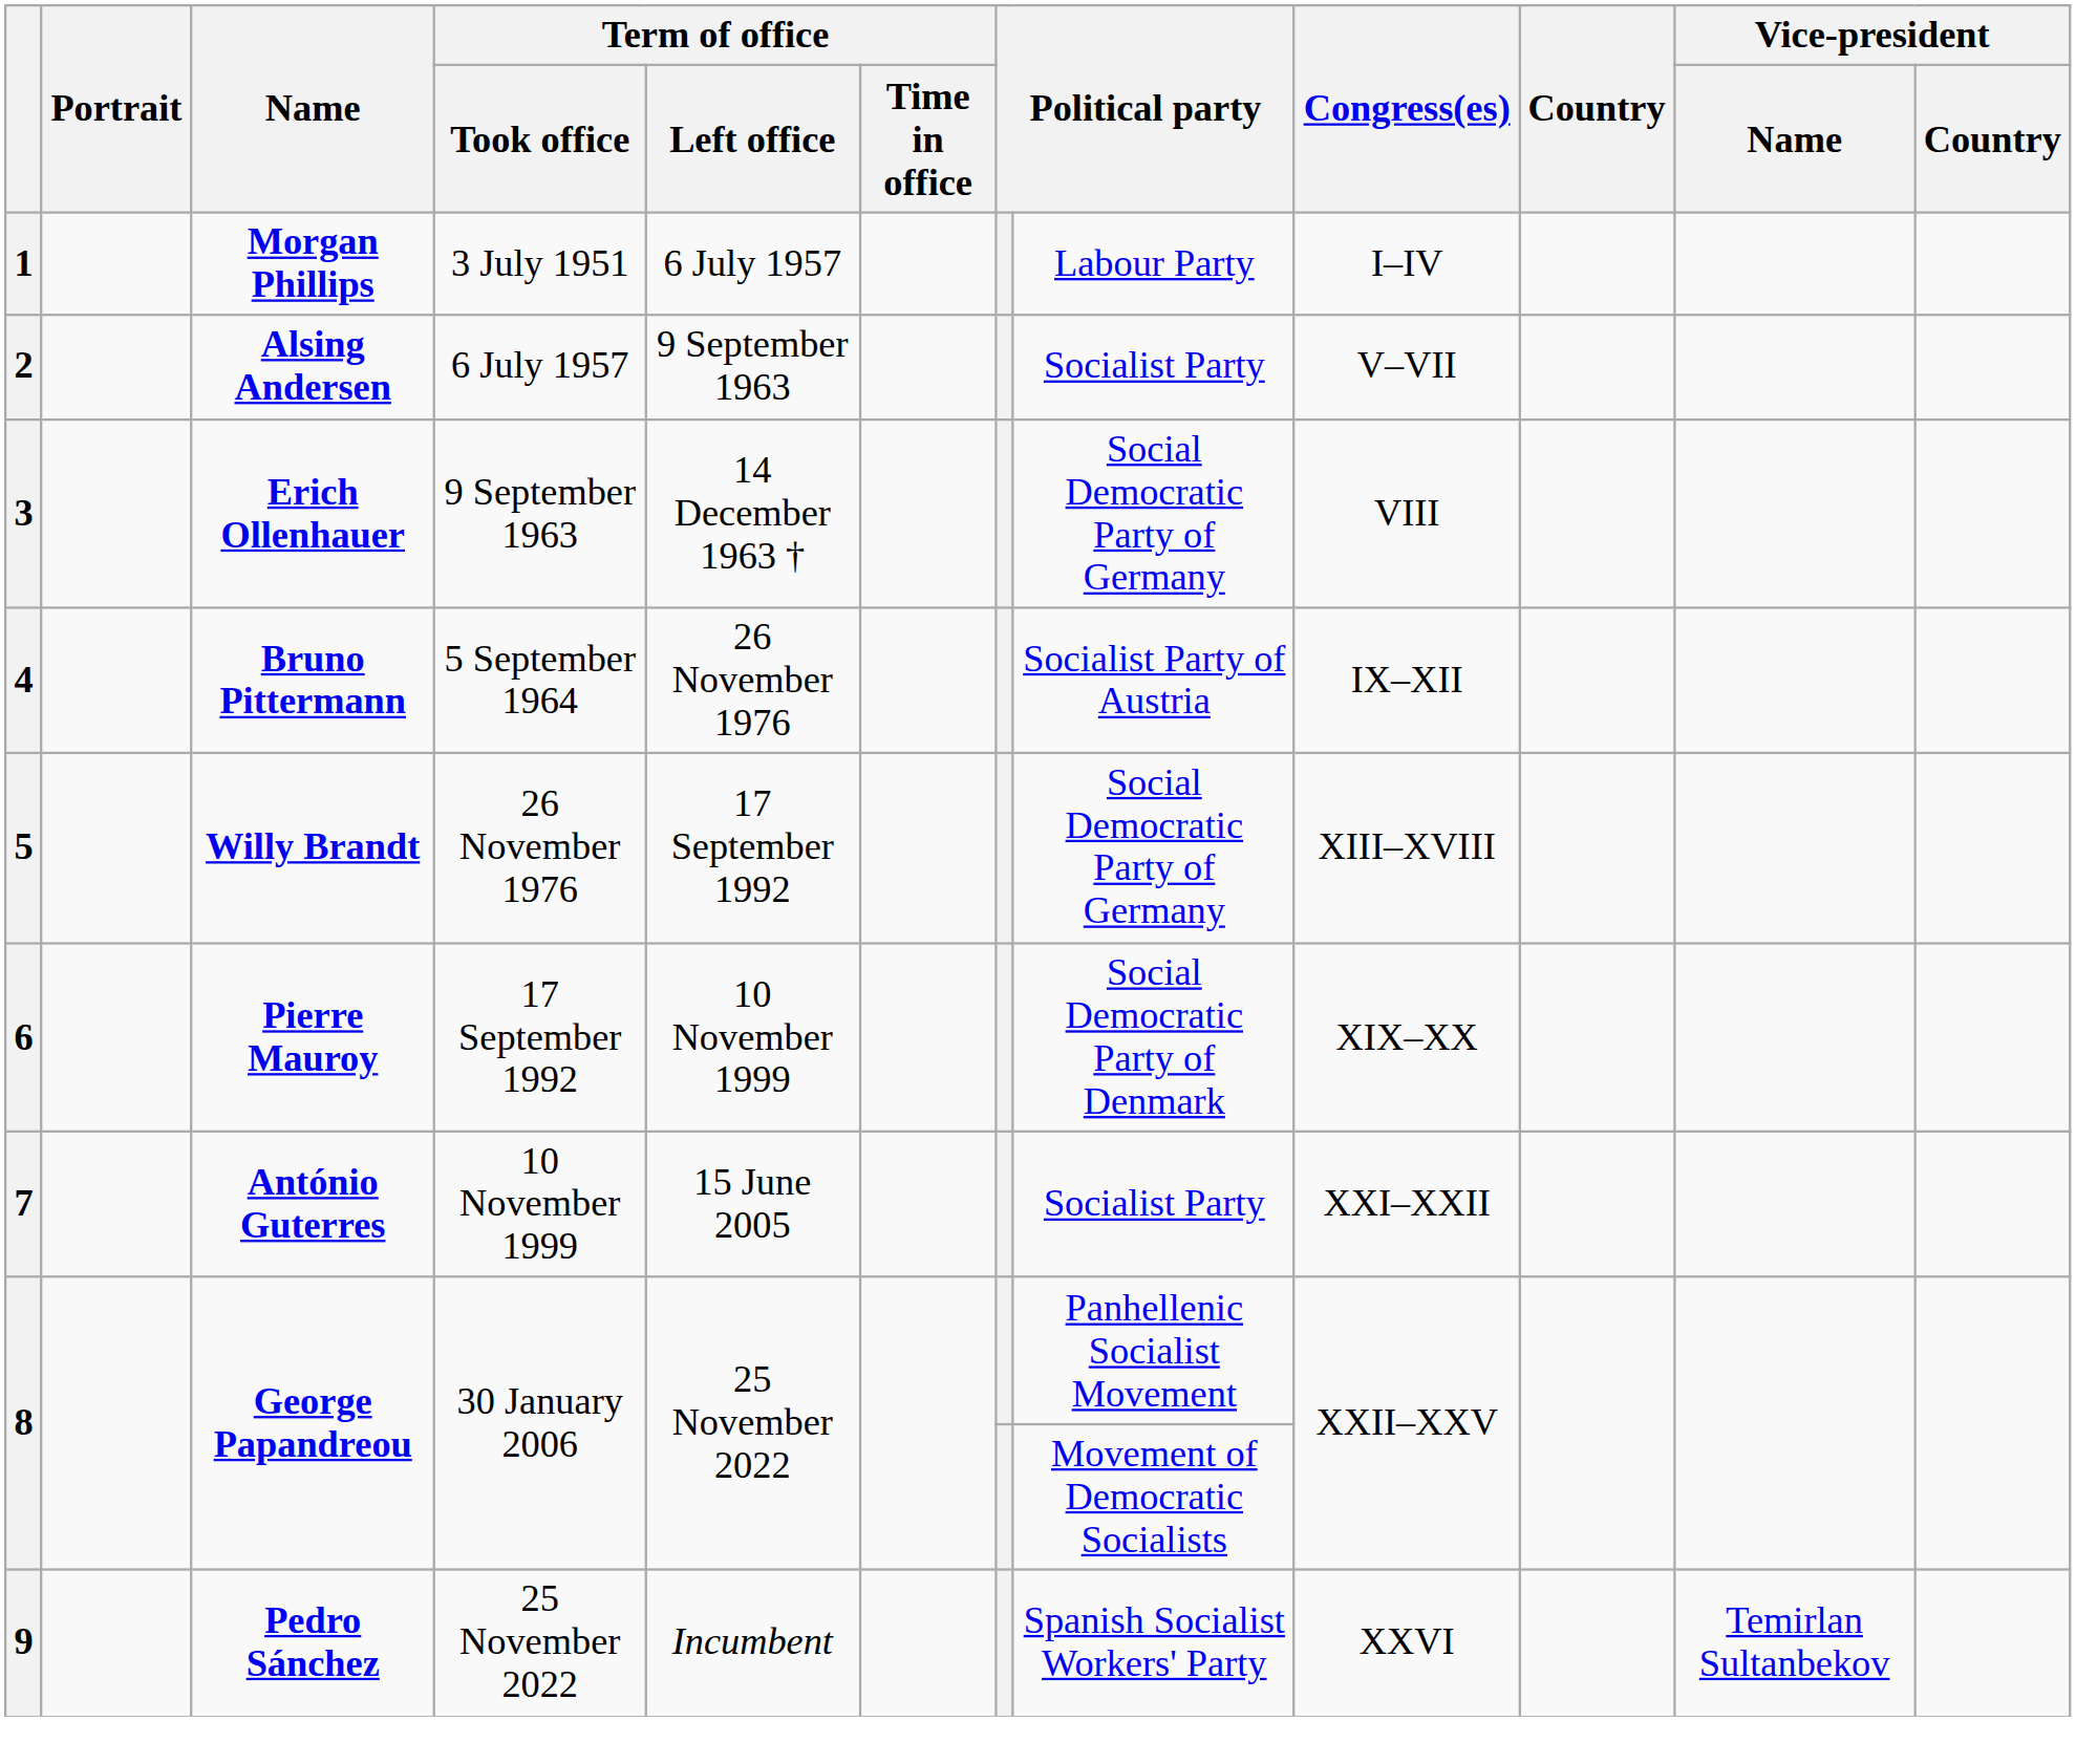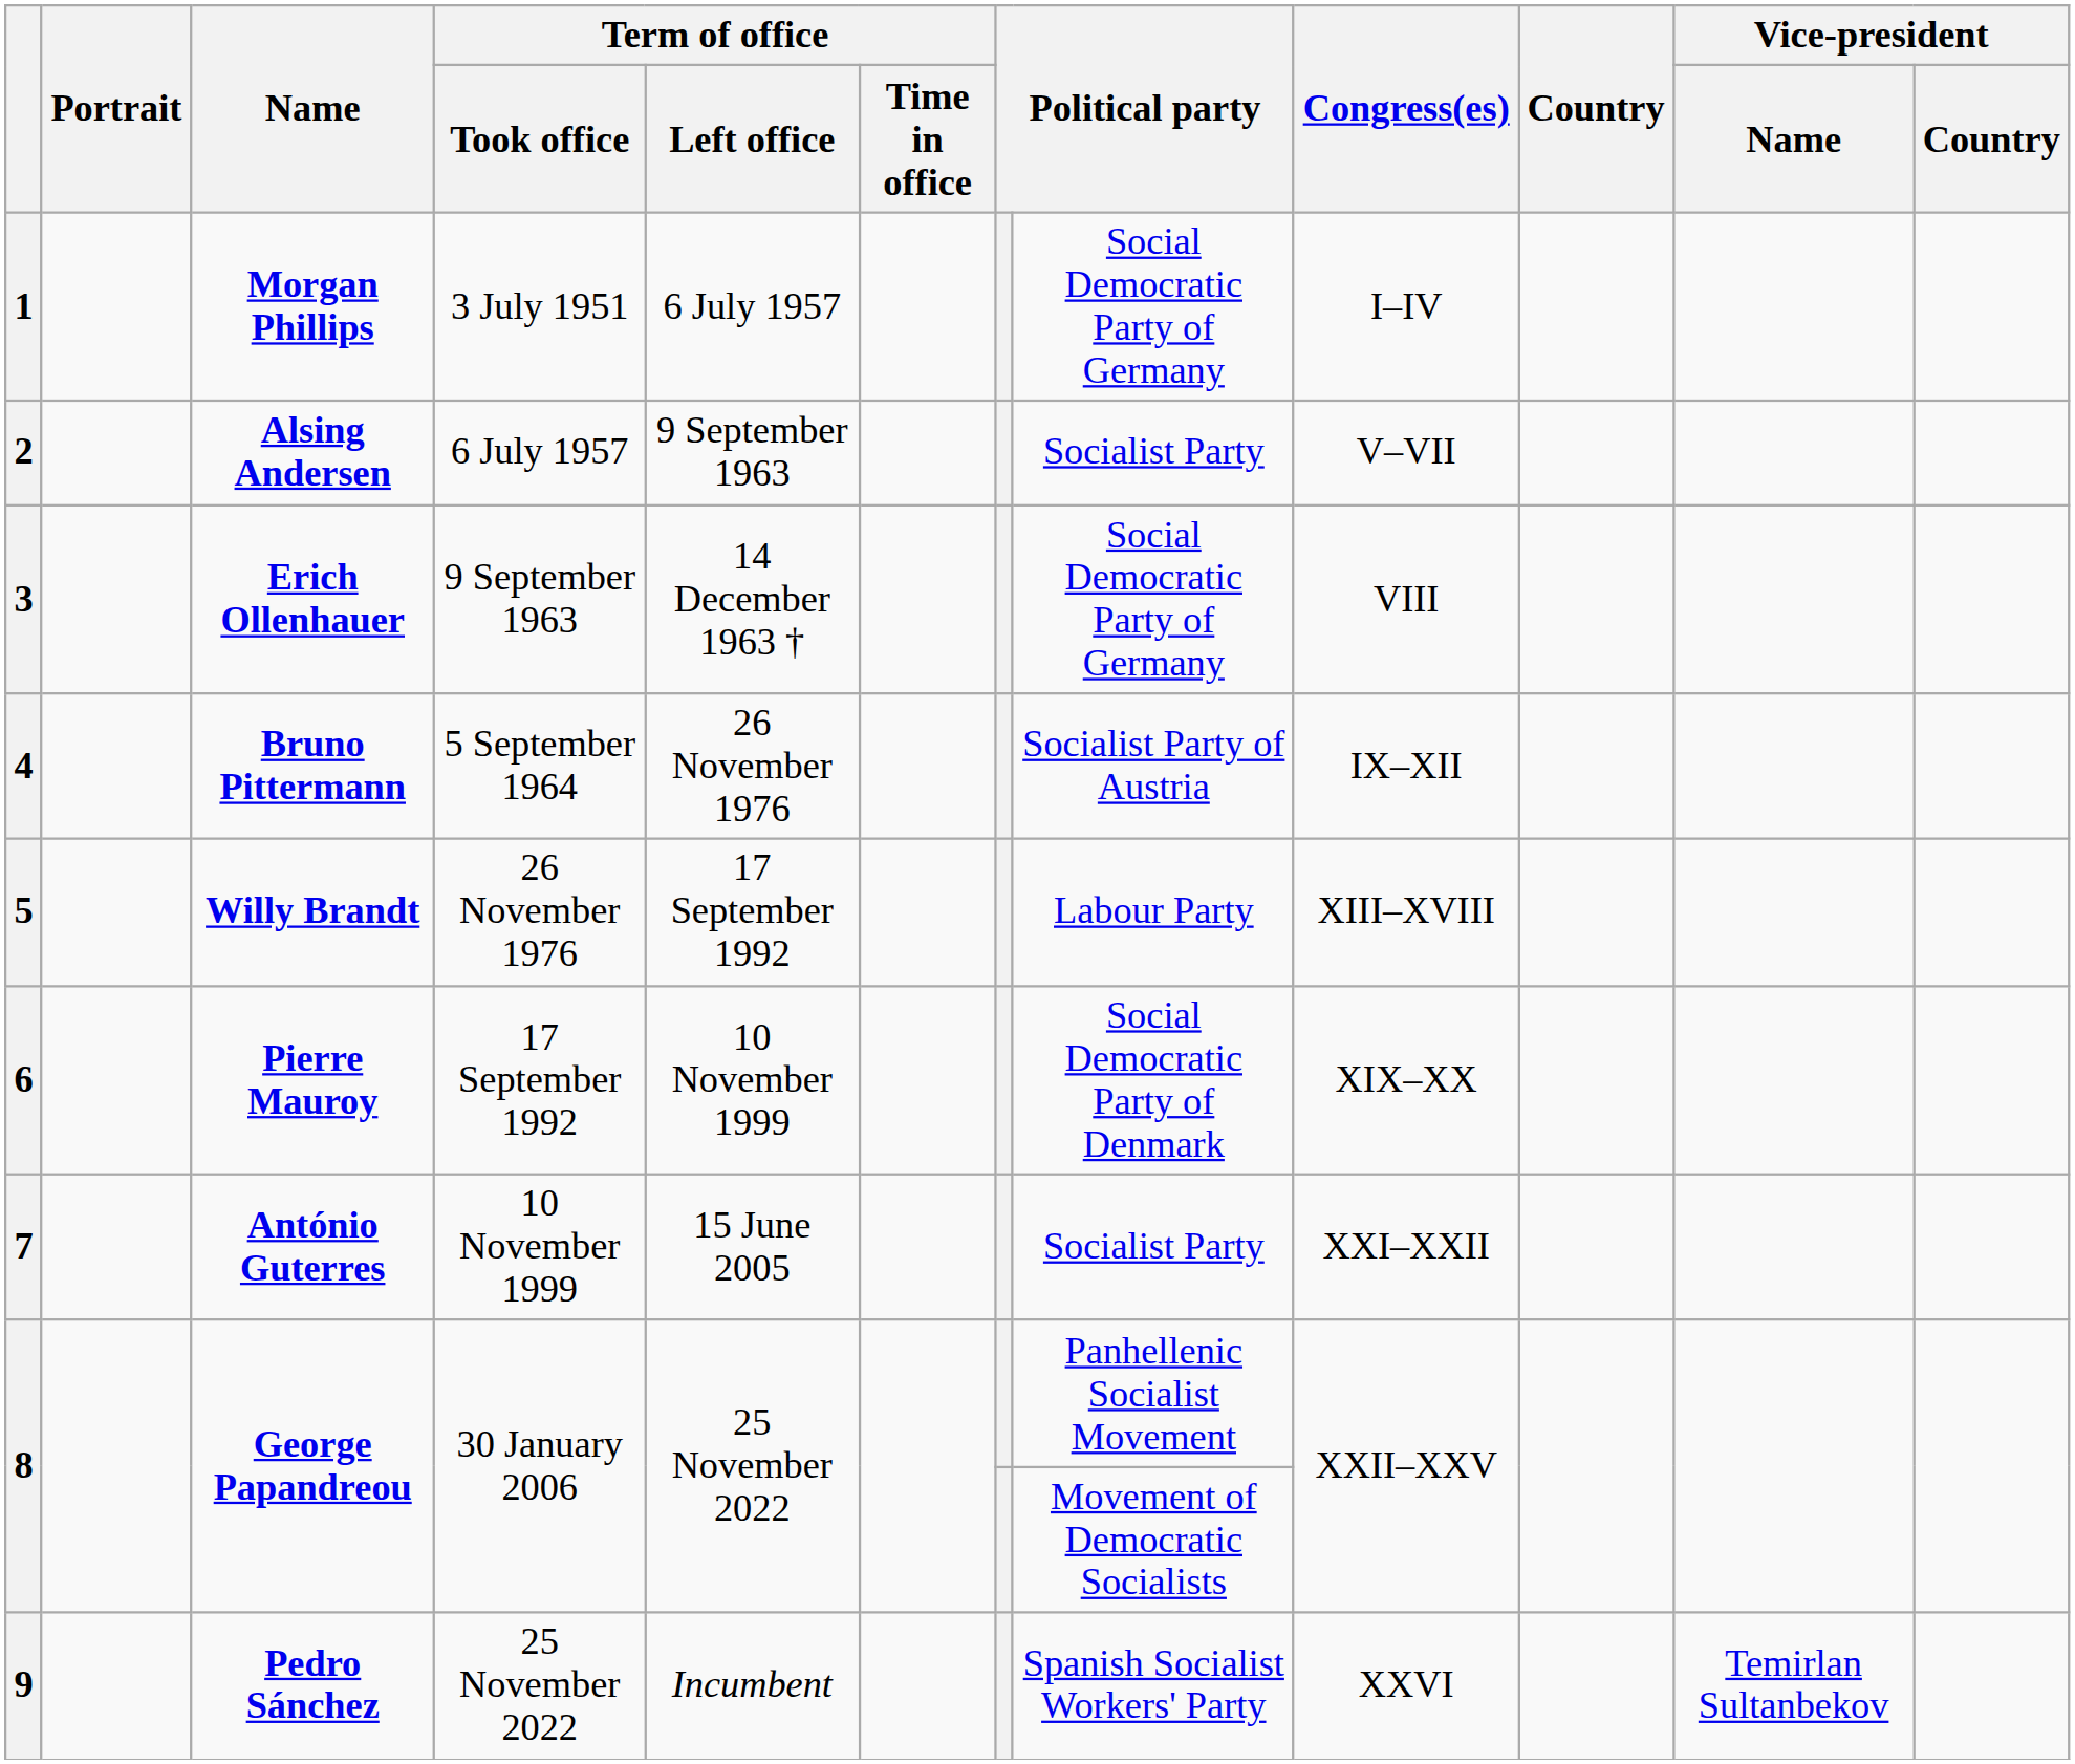 <table class="wikitable" style="text-align:center;">
 <tr>
 <th scope=col rowspan=2></th>
 <th scope=col rowspan=2>Portrait</th>
 <th scope=col rowspan=2>Name<br></th>
 <th scope=col colspan=3>Term of office</th>
 <th scope=col colspan=2 rowspan=2>Political party</th>
 <th scope=col rowspan=2><a href='#'>Congress(es)</a></th>
 <th scope=col rowspan=2>Country</th>
 <th scope=col colspan=2>Vice-president</th>
 </tr>
 <tr>
 <th scope=col>Took office</th>
 <th scope=col>Left office</th>
 <th scope=col>Time in office</th>
 <th scope=col>Name</th>
 <th scope=col>Country</th>
 </tr>
 <tr>
 <th scope=row>1</th>
 <td></td>
 <td><strong><a href='#'>Morgan Phillips</a></strong><br></td>
 <td>3 July 1951</td>
 <td>6 July 1957</td>
 <td></td>
 <th style="background:"></th>
-<td><a href='#'>Labour Party</a></td>
+<td><a href='#'>Social Democratic Party of Germany</a></td>
 <td>I–IV</td>
 <td></td>
 <td></td>
 <td></td>
 </tr>
 <tr>
 <th scope=row>2</th>
 <td></td>
 <td><strong><a href='#'>Alsing Andersen</a></strong><br></td>
 <td>6 July 1957</td>
 <td>9 September 1963</td>
 <td></td>
 <th style="background:"></th>
 <td><a href='#'>Socialist Party</a></td>
 <td>V–VII</td>
 <td></td>
 <td></td>
 <td></td>
 </tr>
 <tr>
 <th scope=row>3</th>
 <td></td>
 <td><strong><a href='#'>Erich Ollenhauer</a></strong><br></td>
 <td>9 September 1963</td>
 <td>14 December 1963 †</td>
 <td></td>
 <th style="background:"></th>
 <td><a href='#'>Social Democratic Party of Germany</a></td>
 <td>VIII</td>
 <td></td>
 <td></td>
 <td></td>
 </tr>
 <tr>
 <th scope=row>4</th>
 <td></td>
 <td><strong><a href='#'>Bruno Pittermann</a></strong><br></td>
 <td>5 September 1964</td>
 <td>26 November 1976</td>
 <td></td>
 <th style="background:"></th>
 <td><a href='#'>Socialist Party of Austria</a></td>
 <td>IX–XII</td>
 <td></td>
 <td></td>
 <td></td>
 </tr>
 <tr>
 <th scope=row>5</th>
 <td></td>
 <td><strong><a href='#'>Willy Brandt</a></strong><br></td>
 <td>26 November 1976</td>
 <td>17 September 1992</td>
 <td></td>
 <th style="background:"></th>
-<td><a href='#'>Social Democratic Party of Germany</a></td>
+<td><a href='#'>Labour Party</a></td>
 <td>XIII–XVIII</td>
 <td></td>
 <td></td>
 <td></td>
 </tr>
 <tr>
 <th scope=row>6</th>
 <td></td>
 <td><strong><a href='#'>Pierre Mauroy</a></strong><br></td>
 <td>17 September 1992</td>
 <td>10 November 1999</td>
 <td></td>
 <th style="background:"></th>
 <td><a href='#'>Social Democratic Party of Denmark</a></td>
 <td>XIX–XX</td>
 <td></td>
 <td></td>
 <td></td>
 </tr>
 <tr>
 <th scope=row>7</th>
 <td></td>
 <td><strong><a href='#'>António Guterres</a></strong><br></td>
 <td>10 November 1999</td>
 <td>15 June 2005</td>
 <td></td>
 <th style="background:"></th>
 <td><a href='#'>Socialist Party</a></td>
 <td>XXI–XXII</td>
 <td></td>
 <td></td>
 <td></td>
 </tr>
 <tr>
 <th rowspan=2 scope=row>8</th>
 <td rowspan=2></td>
 <td rowspan=2><strong><a href='#'>George Papandreou</a></strong><br></td>
 <td rowspan=2>30 January 2006</td>
 <td rowspan=2>25 November 2022</td>
 <td rowspan=2></td>
 <th style="background:"></th>
 <td><a href='#'>Panhellenic Socialist Movement</a></td>
 <td rowspan=2>XXII–XXV</td>
 <td rowspan=2></td>
 <td rowspan=2></td>
 <td rowspan=2></td>
 </tr>
 <tr>
 <th style="background:"></th>
 <td><a href='#'>Movement of Democratic Socialists</a></td>
 </tr>
 <tr>
 <th scope=row>9</th>
 <td></td>
 <td><strong><a href='#'>Pedro Sánchez</a></strong><br></td>
 <td>25 November 2022</td>
 <td><em>Incumbent</em></td>
 <td></td>
 <th style="background:"></th>
 <td><a href='#'>Spanish Socialist Workers' Party</a></td>
 <td>XXVI</td>
 <td></td>
 <td><a href='#'>Temirlan Sultanbekov</a></td>
 <td></td>
 </tr>
 </table>
